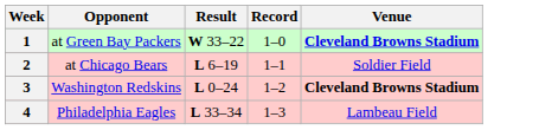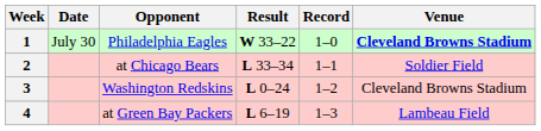 <table class="wikitable" style="text-align:center">
 <tr>
 <th>Week</th>
+<th>Date</th>
 <th>Opponent</th>
 <th>Result</th>
 <th>Record</th>
 <th>Venue</th>
 </tr>
 <tr style="background:#cfc">
 <th>1</th>
-<td>at <a href='#'>Green Bay Packers</a></td>
+<td>July 30</td>
+<td><a href='#'>Philadelphia Eagles</a></td>
 <td><strong>W</strong> 33–22</td>
 <td>1–0</td>
 <td><strong><a href='#'>Cleveland Browns Stadium</a></strong></td>
 </tr>
 <tr style="background:#fcc">
 <th>2</th>
+<td></td>
 <td>at <a href='#'>Chicago Bears</a></td>
-<td><strong>L</strong> 6–19</td>
+<td><strong>L</strong> 33–34</td>
 <td>1–1</td>
 <td><a href='#'>Soldier Field</a></td>
 </tr>
 <tr style="background:#fcc">
 <th>3</th>
+<td></td>
 <td><a href='#'>Washington Redskins</a></td>
 <td><strong>L</strong> 0–24</td>
 <td>1–2</td>
-<td><strong>Cleveland Browns Stadium</strong></td>
+<td>Cleveland Browns Stadium</td>
 </tr>
 <tr style="background:#fcc">
 <th>4</th>
-<td><a href='#'>Philadelphia Eagles</a></td>
-<td><strong>L</strong> 33–34</td>
+<td></td>
+<td>at <a href='#'>Green Bay Packers</a></td>
+<td><strong>L</strong> 6–19</td>
 <td>1–3</td>
 <td><a href='#'>Lambeau Field</a></td>
 </tr>
 </table>
